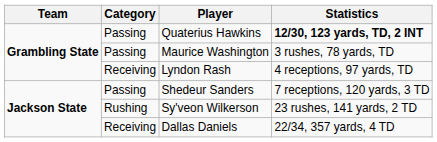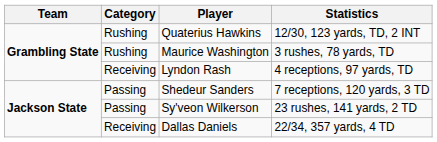 <table class="wikitable" style="float: left;">
 <tr>
 <th>Team</th>
 <th>Category</th>
 <th>Player</th>
 <th>Statistics</th>
 </tr>
 <tr>
 <td rowspan=3><strong>Grambling State</strong></td>
-<td>Passing</td>
+<td>Rushing</td>
 <td>Quaterius Hawkins</td>
-<td><strong>12/30, 123 yards, TD, 2 INT</strong></td>
+<td>12/30, 123 yards, TD, 2 INT</td>
 </tr>
 <tr>
-<td>Passing</td>
+<td>Rushing</td>
 <td>Maurice Washington</td>
 <td>3 rushes, 78 yards, TD</td>
 </tr>
 <tr>
 <td>Receiving</td>
 <td>Lyndon Rash</td>
 <td>4 receptions, 97 yards, TD</td>
 </tr>
 <tr>
 <td rowspan=3><strong>Jackson State</strong></td>
 <td>Passing</td>
 <td>Shedeur Sanders</td>
 <td>7 receptions, 120 yards, 3 TD</td>
 </tr>
 <tr>
-<td>Rushing</td>
+<td>Passing</td>
 <td>Sy'veon Wilkerson</td>
 <td>23 rushes, 141 yards, 2 TD</td>
 </tr>
 <tr>
 <td>Receiving</td>
 <td>Dallas Daniels</td>
 <td>22/34, 357 yards, 4 TD</td>
 </tr>
 </table>
